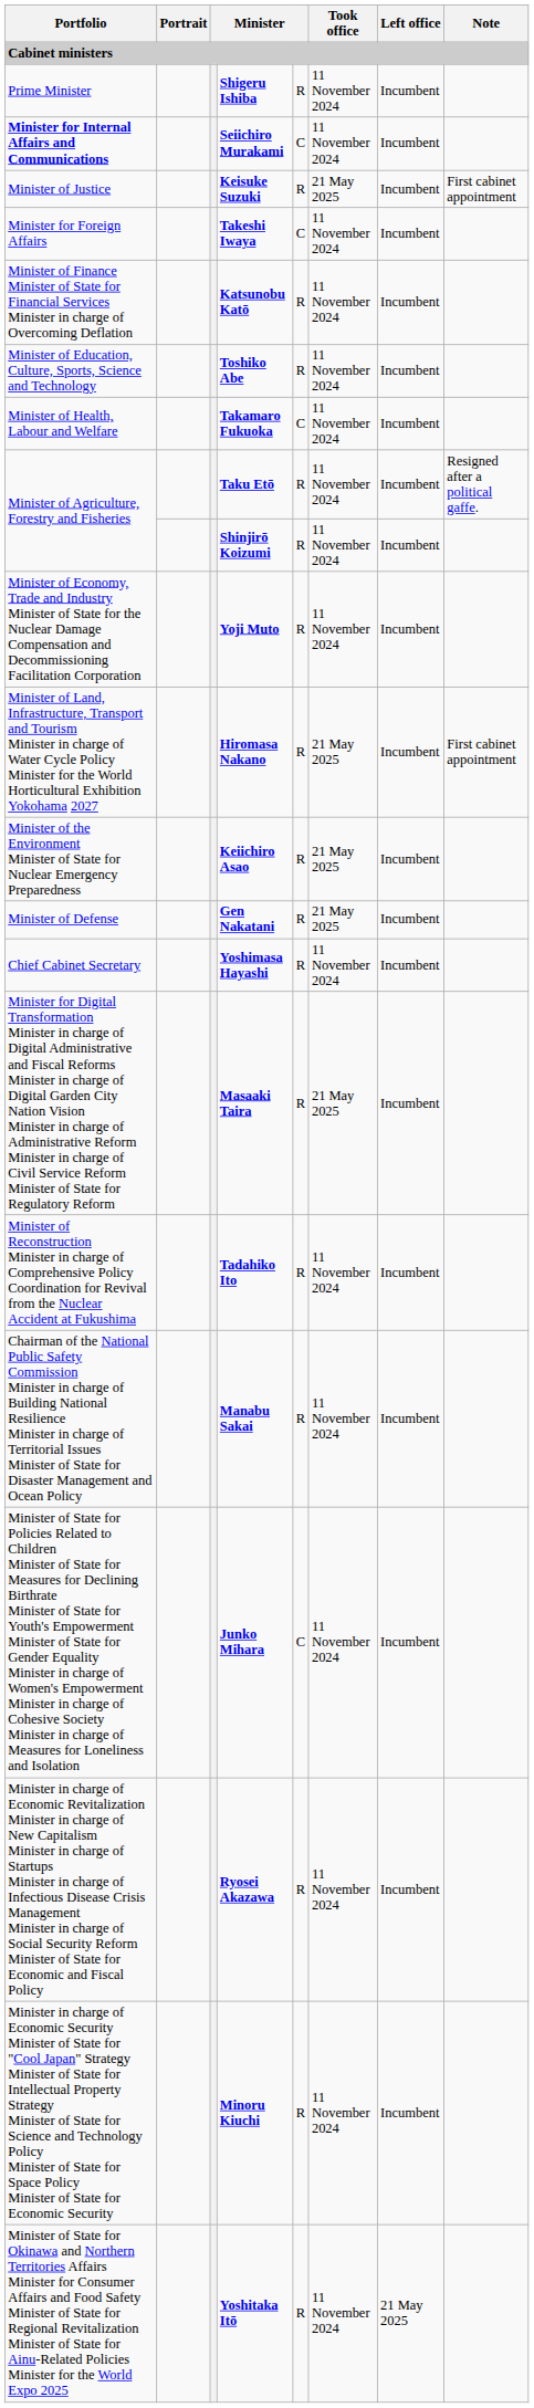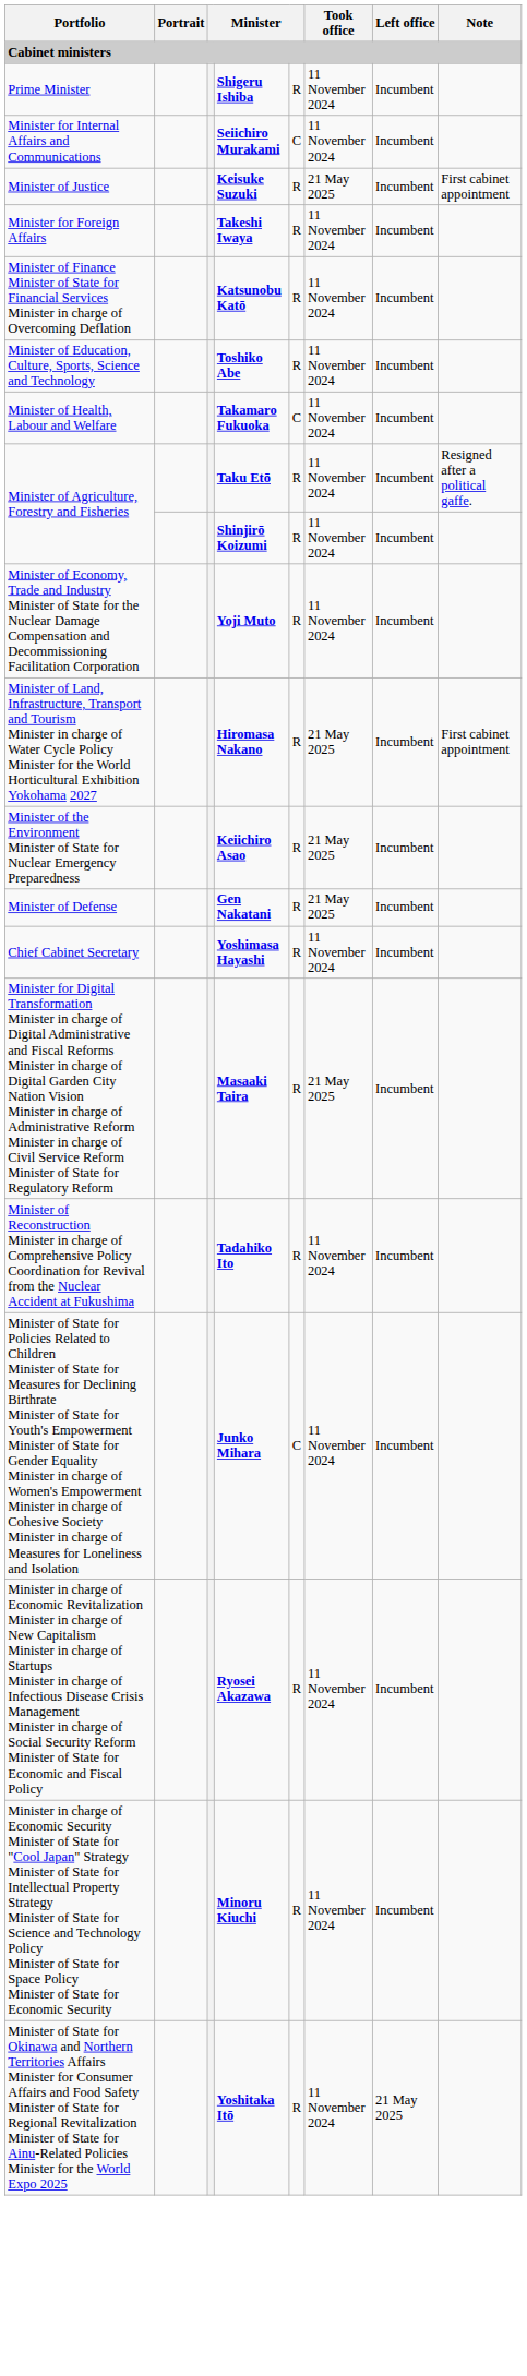 <table class="wikitable">
 <tr>
 <th>Portfolio</th>
 <th>Portrait</th>
 <th colspan=3>Minister</th>
 <th>Took office</th>
 <th>Left office</th>
 <th>Note</th>
 </tr>
 <tr>
 <td colspan="8" style="background:#ccc;"><strong>Cabinet ministers</strong></td>
 </tr>
 <tr>
 <td><a href='#'>Prime Minister</a></td>
 <td style="text-align:center;"></td>
 <th style="color:inherit;background-color: "></th>
 <td><strong><a href='#'>Shigeru Ishiba</a></strong></td>
 <td>R</td>
 <td>11 November 2024</td>
 <td>Incumbent</td>
 <td></td>
 </tr>
 <tr>
-<td><strong><a href='#'>Minister for Internal Affairs and Communications</a></strong></td>
+<td><a href='#'>Minister for Internal Affairs and Communications</a></td>
 <td style="text-align:center;"></td>
 <th style="color:inherit;background-color: "></th>
 <td><strong><a href='#'>Seiichiro Murakami</a></strong></td>
 <td>C</td>
 <td>11 November 2024</td>
 <td>Incumbent</td>
 <td></td>
 </tr>
 <tr>
 <td><a href='#'>Minister of Justice</a></td>
 <td style="text-align:center;"></td>
 <th style="color:inherit;background-color: "></th>
 <td><strong><a href='#'>Keisuke Suzuki</a></strong></td>
 <td>R</td>
 <td>21 May 2025</td>
 <td>Incumbent</td>
 <td>First cabinet appointment</td>
 </tr>
 <tr>
 <td><a href='#'>Minister for Foreign Affairs</a></td>
 <td style="text-align:center;"></td>
 <th style="color:inherit;background-color: "></th>
 <td><strong><a href='#'>Takeshi Iwaya</a></strong></td>
-<td>C</td>
+<td>R</td>
 <td>11 November 2024</td>
 <td>Incumbent</td>
 <td></td>
 </tr>
 <tr>
 <td><a href='#'>Minister of Finance</a><br><a href='#'>Minister of State for Financial Services</a><br>Minister in charge of Overcoming Deflation</td>
 <td style="text-align:center;"></td>
 <th style="color:inherit;background-color: "></th>
 <td><strong><a href='#'>Katsunobu Katō</a></strong></td>
 <td>R</td>
 <td>11 November 2024</td>
 <td>Incumbent</td>
 <td></td>
 </tr>
 <tr>
 <td><a href='#'>Minister of Education, Culture, Sports, Science and Technology</a></td>
 <td style="text-align:center;"></td>
 <th style="color:inherit;background-color: "></th>
 <td><strong><a href='#'>Toshiko Abe</a></strong></td>
 <td>R</td>
 <td>11 November 2024</td>
 <td>Incumbent</td>
 <td></td>
 </tr>
 <tr>
 <td><a href='#'>Minister of Health, Labour and Welfare</a></td>
 <td style="text-align:center;"></td>
 <th style="color:inherit;background-color: "></th>
 <td><strong><a href='#'>Takamaro Fukuoka</a></strong></td>
 <td>C</td>
 <td>11 November 2024</td>
 <td>Incumbent</td>
 <td></td>
 </tr>
 <tr>
 <td rowspan="2"><a href='#'>Minister of Agriculture, Forestry and Fisheries</a></td>
 <td style="text-align:center;"></td>
 <th style="color:inherit;background-color: "></th>
 <td><strong><a href='#'>Taku Etō</a></strong></td>
 <td>R</td>
 <td>11 November 2024</td>
 <td>Incumbent</td>
 <td>Resigned after a <a href='#'>political gaffe</a>.</td>
 </tr>
 <tr>
 <td style="text-align:center;"></td>
 <th style="color:inherit;background-color: "></th>
 <td><strong><a href='#'>Shinjirō Koizumi</a></strong></td>
 <td>R</td>
 <td>11 November 2024</td>
 <td>Incumbent</td>
 <td></td>
 </tr>
 <tr>
 <td><a href='#'>Minister of Economy, Trade and Industry</a><br>Minister of State for the Nuclear Damage Compensation and Decommissioning Facilitation Corporation</td>
 <td style="text-align:center;"></td>
 <th style="color:inherit;background-color: "></th>
 <td><strong><a href='#'>Yoji Muto</a></strong></td>
 <td>R</td>
 <td>11 November 2024</td>
 <td>Incumbent</td>
 <td></td>
 </tr>
 <tr>
 <td><a href='#'>Minister of Land, Infrastructure, Transport and Tourism</a><br>Minister in charge of Water Cycle Policy<br>Minister for the World Horticultural Exhibition <a href='#'>Yokohama</a> <a href='#'>2027</a></td>
 <td style="text-align:center;"></td>
 <th style="color:inherit;background-color: "></th>
 <td><strong><a href='#'>Hiromasa Nakano</a></strong></td>
 <td>R</td>
 <td>21 May 2025</td>
 <td>Incumbent</td>
 <td>First cabinet appointment</td>
 </tr>
 <tr>
 <td><a href='#'>Minister of the Environment</a><br>Minister of State for Nuclear Emergency Preparedness</td>
 <td style="text-align:center;"></td>
 <th style="color:inherit;background-color: "></th>
 <td><strong><a href='#'>Keiichiro Asao</a></strong></td>
 <td>R</td>
 <td>21 May 2025</td>
 <td>Incumbent</td>
 <td></td>
 </tr>
 <tr>
 <td><a href='#'>Minister of Defense</a></td>
 <td style="text-align:center;"></td>
 <th style="color:inherit;background-color: "></th>
 <td><strong><a href='#'>Gen Nakatani</a></strong></td>
 <td>R</td>
 <td>21 May 2025</td>
 <td>Incumbent</td>
 <td></td>
 </tr>
 <tr>
 <td><a href='#'>Chief Cabinet Secretary</a></td>
 <td style="text-align:center;"></td>
 <th style="color:inherit;background-color: "></th>
 <td><strong><a href='#'>Yoshimasa Hayashi</a></strong></td>
 <td>R</td>
 <td>11 November 2024</td>
 <td>Incumbent</td>
 <td></td>
 </tr>
 <tr>
 <td><a href='#'>Minister for Digital Transformation</a><br>Minister in charge of Digital Administrative and Fiscal Reforms<br>Minister in charge of Digital Garden City Nation Vision<br>Minister in charge of Administrative Reform<br>Minister in charge of Civil Service Reform<br>Minister of State for Regulatory Reform</td>
 <td style="text-align:center;"></td>
 <th style="color:inherit;background-color: "></th>
 <td><strong><a href='#'>Masaaki Taira</a></strong></td>
 <td>R</td>
 <td>21 May 2025</td>
 <td>Incumbent</td>
 <td></td>
 </tr>
 <tr>
 <td><a href='#'>Minister of Reconstruction</a><br>Minister in charge of Comprehensive Policy Coordination for Revival from the <a href='#'>Nuclear Accident at Fukushima</a></td>
 <td style="text-align:center;"></td>
 <th style="color:inherit;background-color: "></th>
 <td><strong><a href='#'>Tadahiko Ito</a></strong></td>
 <td>R</td>
 <td>11 November 2024</td>
 <td>Incumbent</td>
 <td></td>
 </tr>
 <tr>
-<td>Chairman of the <a href='#'>National Public Safety Commission</a><br>Minister in charge of Building National Resilience<br>Minister in charge of Territorial Issues<br>Minister of State for Disaster Management and Ocean Policy</td>
-<td style="text-align:center;"></td>
-<th style="color:inherit;background-color: "></th>
-<td><strong><a href='#'>Manabu Sakai</a></strong></td>
-<td>R</td>
-<td>11 November 2024</td>
-<td>Incumbent</td>
-<td></td>
-</tr>
-<tr>
 <td>Minister of State for Policies Related to Children<br>Minister of State for Measures for Declining Birthrate<br>Minister of State for Youth's Empowerment<br>Minister of State for Gender Equality<br>Minister in charge of Women's Empowerment<br>Minister in charge of Cohesive Society<br>Minister in charge of Measures for Loneliness and Isolation</td>
 <td style="text-align:center;"></td>
 <th style="color:inherit;background-color: "></th>
 <td><strong><a href='#'>Junko Mihara</a></strong></td>
 <td>C</td>
 <td>11 November 2024</td>
 <td>Incumbent</td>
 <td></td>
 </tr>
 <tr>
 <td>Minister in charge of Economic Revitalization<br>Minister in charge of New Capitalism<br>Minister in charge of Startups<br>Minister in charge of Infectious Disease Crisis Management<br>Minister in charge of Social Security Reform<br>Minister of State for Economic and Fiscal Policy</td>
 <td style="text-align:center;"></td>
 <th style="color:inherit;background-color: "></th>
 <td><strong><a href='#'>Ryosei Akazawa</a></strong></td>
 <td>R</td>
 <td>11 November 2024</td>
 <td>Incumbent</td>
 <td></td>
 </tr>
 <tr>
 <td>Minister in charge of Economic Security<br>Minister of State for "<a href='#'>Cool Japan</a>" Strategy<br>Minister of State for Intellectual Property Strategy<br>Minister of State for Science and Technology Policy<br>Minister of State for Space Policy<br>Minister of State for Economic Security</td>
 <td style="text-align:center;"></td>
 <th style="color:inherit;background-color: "></th>
 <td><strong><a href='#'>Minoru Kiuchi</a></strong></td>
 <td>R</td>
 <td>11 November 2024</td>
 <td>Incumbent</td>
 <td></td>
 </tr>
 <tr>
 <td>Minister of State for <a href='#'>Okinawa</a> and <a href='#'>Northern Territories</a> Affairs<br>Minister for Consumer Affairs and Food Safety<br>Minister of State for Regional Revitalization<br>Minister of State for <a href='#'>Ainu</a>-Related Policies<br>Minister for the <a href='#'>World Expo 2025</a></td>
 <td style="text-align:center;"></td>
 <th style="color:inherit;background-color: "></th>
 <td><strong><a href='#'>Yoshitaka Itō</a></strong></td>
 <td>R</td>
 <td>11 November 2024</td>
 <td>21 May 2025</td>
 <td></td>
 </tr>
 </table>
